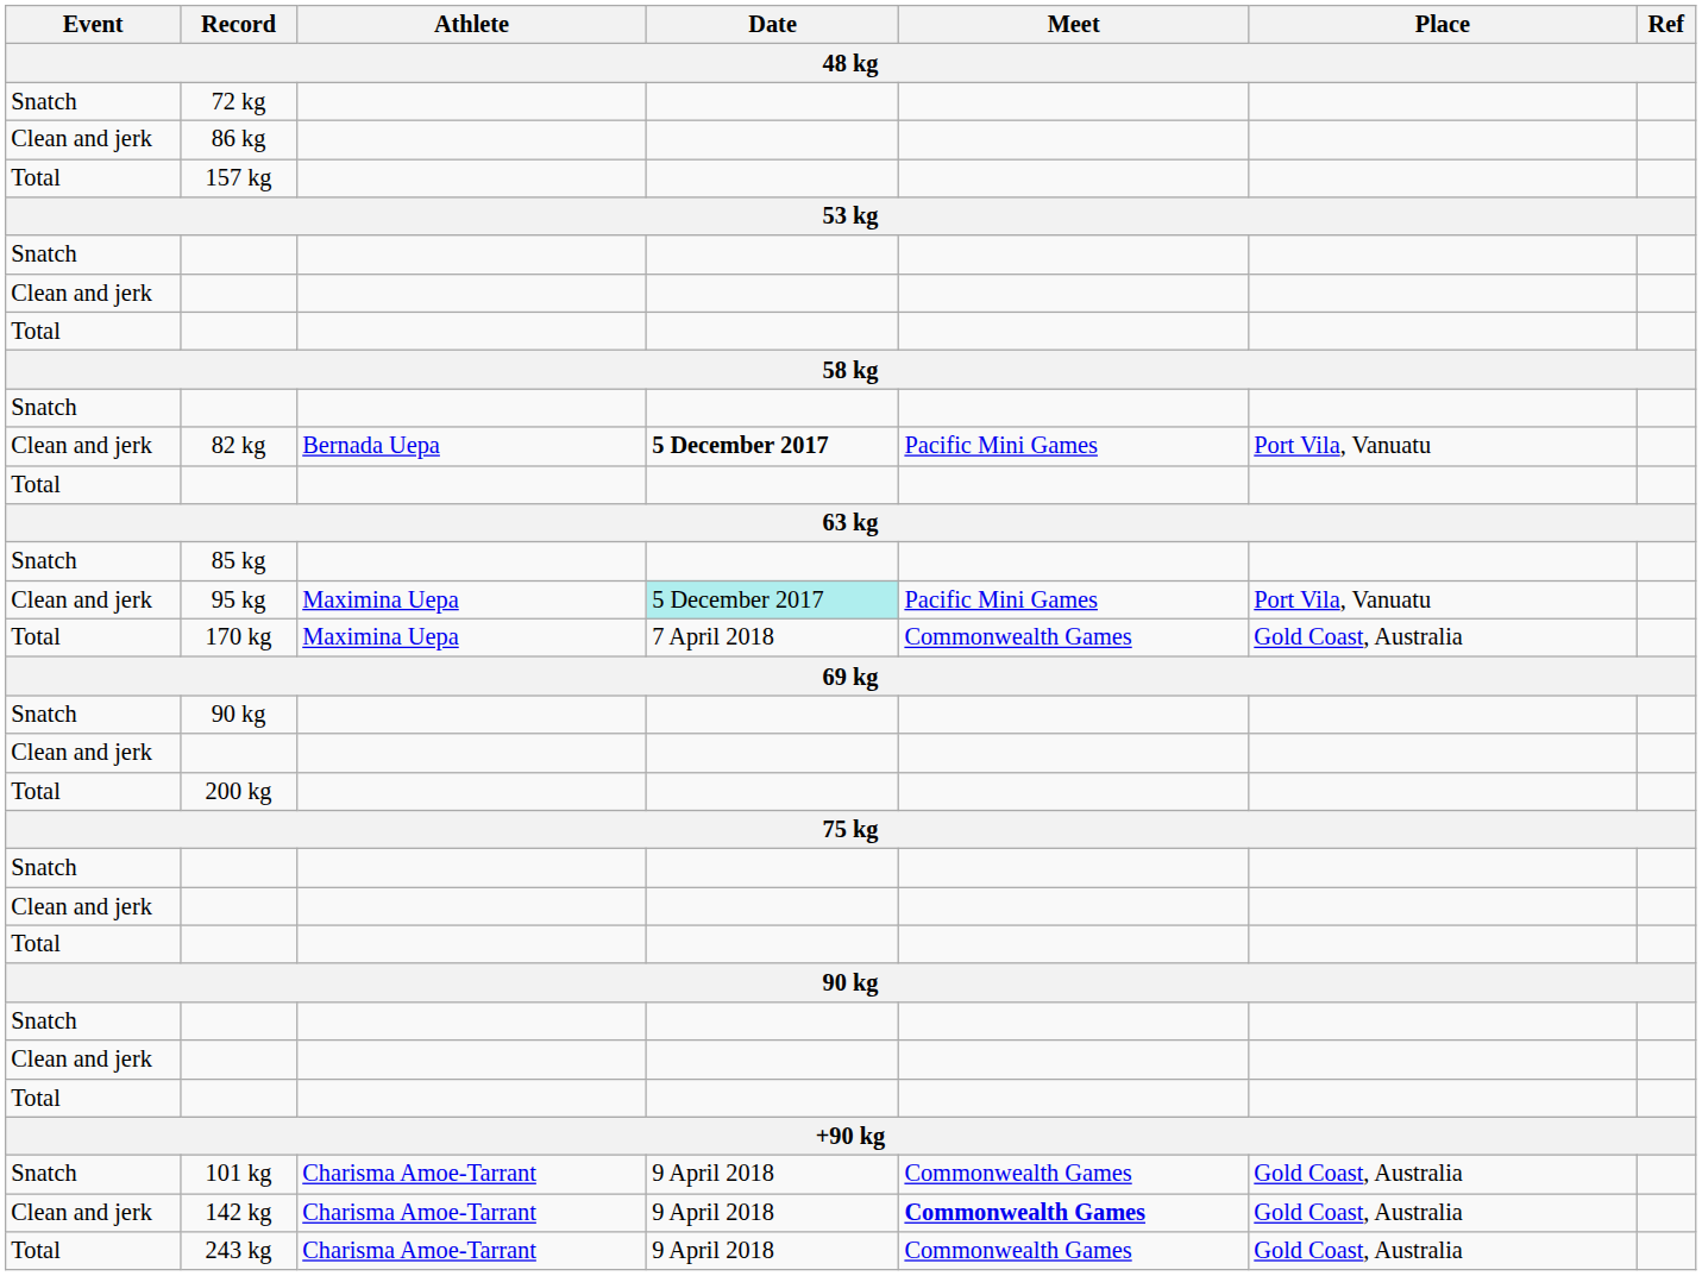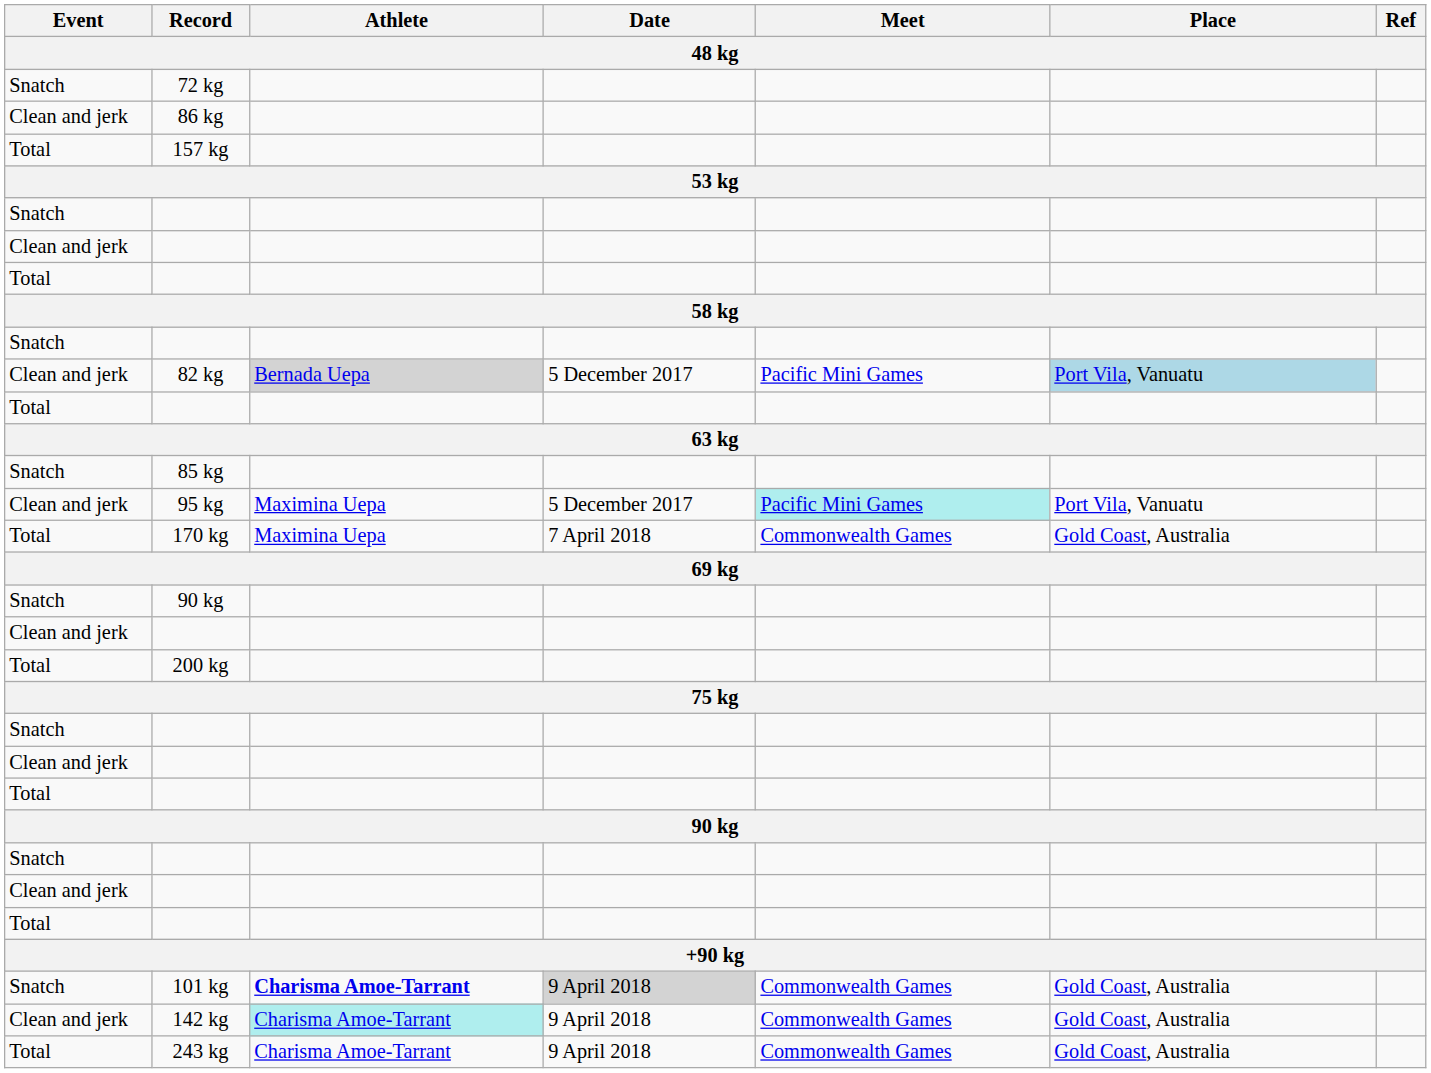 <table class="wikitable">
 <tr>
 <th width=9%>Event</th>
 <th width=6%>Record</th>
 <th width=18%>Athlete</th>
 <th width=13%>Date</th>
 <th width=18%>Meet</th>
 <th width=20%>Place</th>
 <th width=3%>Ref</th>
 </tr>
 <tr bgcolor="#DDDDDD">
 <th colspan="7">48 kg</th>
 </tr>
 <tr>
 <td>Snatch</td>
 <td align="center">72 kg</td>
 <td></td>
 <td></td>
 <td></td>
 <td></td>
 <td></td>
 </tr>
 <tr>
 <td>Clean and jerk</td>
 <td align="center">86 kg</td>
 <td></td>
 <td></td>
 <td></td>
 <td></td>
 <td></td>
 </tr>
 <tr>
 <td>Total</td>
 <td align="center">157 kg</td>
 <td></td>
 <td></td>
 <td></td>
 <td></td>
 <td></td>
 </tr>
 <tr bgcolor="#DDDDDD">
 <th colspan="7">53 kg</th>
 </tr>
 <tr>
 <td>Snatch</td>
 <td></td>
 <td></td>
 <td></td>
 <td></td>
 <td></td>
 <td></td>
 </tr>
 <tr>
 <td>Clean and jerk</td>
 <td align="center"></td>
 <td></td>
 <td></td>
 <td></td>
 <td></td>
 <td></td>
 </tr>
 <tr>
 <td>Total</td>
 <td></td>
 <td></td>
 <td></td>
 <td></td>
 <td></td>
 <td></td>
 </tr>
 <tr bgcolor="#DDDDDD">
 <th colspan="7">58 kg</th>
 </tr>
 <tr>
 <td>Snatch</td>
 <td align="center"></td>
 <td></td>
 <td></td>
 <td></td>
 <td></td>
 <td></td>
 </tr>
 <tr>
 <td>Clean and jerk</td>
 <td align="center">82 kg</td>
-<td><a href='#'>Bernada Uepa</a></td>
-<td><strong>5 December 2017</strong></td>
+<td style="background: lightgrey;"><a href='#'>Bernada Uepa</a></td>
+<td>5 December 2017</td>
 <td><a href='#'>Pacific Mini Games</a></td>
-<td><a href='#'>Port Vila</a>, Vanuatu</td>
+<td style="background: lightblue;"><a href='#'>Port Vila</a>, Vanuatu</td>
 <td></td>
 </tr>
 <tr>
 <td>Total</td>
 <td></td>
 <td></td>
 <td></td>
 <td></td>
 <td></td>
 </tr>
 <tr bgcolor="#DDDDDD">
 <th colspan="7">63 kg</th>
 </tr>
 <tr>
 <td>Snatch</td>
 <td align="center">85 kg</td>
 <td></td>
 <td></td>
 <td></td>
 <td></td>
 <td></td>
 </tr>
 <tr>
 <td>Clean and jerk</td>
 <td align="center">95 kg</td>
 <td><a href='#'>Maximina Uepa</a></td>
-<td style="background: paleturquoise;">5 December 2017</td>
-<td><a href='#'>Pacific Mini Games</a></td>
+<td>5 December 2017</td>
+<td style="background: paleturquoise;"><a href='#'>Pacific Mini Games</a></td>
 <td><a href='#'>Port Vila</a>, Vanuatu</td>
 <td></td>
 </tr>
 <tr>
 <td>Total</td>
 <td align="center">170 kg</td>
 <td><a href='#'>Maximina Uepa</a></td>
 <td>7 April 2018</td>
 <td><a href='#'>Commonwealth Games</a></td>
 <td><a href='#'>Gold Coast</a>, Australia</td>
 <td></td>
 </tr>
 <tr bgcolor="#DDDDDD">
 <th colspan="7">69 kg</th>
 </tr>
 <tr>
 <td>Snatch</td>
 <td align="center">90 kg</td>
 <td></td>
 <td></td>
 <td></td>
 <td></td>
 <td></td>
 </tr>
 <tr>
 <td>Clean and jerk</td>
 <td></td>
 <td></td>
 <td></td>
 <td></td>
 <td></td>
 <td></td>
 </tr>
 <tr>
 <td>Total</td>
 <td align="center">200 kg</td>
 <td></td>
 <td></td>
 <td></td>
 <td></td>
 <td></td>
 </tr>
 <tr bgcolor="#DDDDDD">
 <th colspan="7">75 kg</th>
 </tr>
 <tr>
 <td>Snatch</td>
 <td></td>
 <td></td>
 <td></td>
 <td></td>
 <td></td>
 <td></td>
 </tr>
 <tr>
 <td>Clean and jerk</td>
 <td></td>
 <td></td>
 <td></td>
 <td></td>
 <td></td>
 <td></td>
 </tr>
 <tr>
 <td>Total</td>
 <td></td>
 <td></td>
 <td></td>
 <td></td>
 <td></td>
 <td></td>
 </tr>
 <tr bgcolor="#DDDDDD">
 <th colspan="7">90 kg</th>
 </tr>
 <tr>
 <td>Snatch</td>
 <td></td>
 <td></td>
 <td></td>
 <td></td>
 <td></td>
 <td></td>
 </tr>
 <tr>
 <td>Clean and jerk</td>
 <td></td>
 <td></td>
 <td></td>
 <td></td>
 <td></td>
 <td></td>
 </tr>
 <tr>
 <td>Total</td>
 <td></td>
 <td></td>
 <td></td>
 <td></td>
 <td></td>
 <td></td>
 </tr>
 <tr bgcolor="#DDDDDD">
 <th colspan="7">+90 kg</th>
 </tr>
 <tr>
 <td>Snatch</td>
 <td align="center">101 kg</td>
-<td><a href='#'>Charisma Amoe-Tarrant</a></td>
-<td>9 April 2018</td>
+<td><strong><a href='#'>Charisma Amoe-Tarrant</a></strong></td>
+<td style="background: lightgrey;">9 April 2018</td>
 <td><a href='#'>Commonwealth Games</a></td>
 <td><a href='#'>Gold Coast</a>, Australia</td>
 <td></td>
 </tr>
 <tr>
 <td>Clean and jerk</td>
 <td align="center">142 kg</td>
-<td><a href='#'>Charisma Amoe-Tarrant</a></td>
+<td style="background: paleturquoise;"><a href='#'>Charisma Amoe-Tarrant</a></td>
 <td>9 April 2018</td>
-<td><strong><a href='#'>Commonwealth Games</a></strong></td>
+<td><a href='#'>Commonwealth Games</a></td>
 <td><a href='#'>Gold Coast</a>, Australia</td>
 <td></td>
 </tr>
 <tr>
 <td>Total</td>
 <td align="center">243 kg</td>
 <td><a href='#'>Charisma Amoe-Tarrant</a></td>
 <td>9 April 2018</td>
 <td><a href='#'>Commonwealth Games</a></td>
 <td><a href='#'>Gold Coast</a>, Australia</td>
 <td></td>
 </tr>
 </table>
